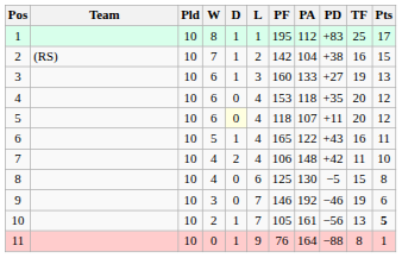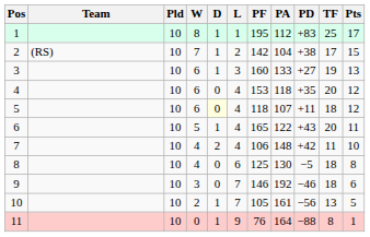 <table class="wikitable" style="text-align:center">
 <tr>
 <th width=20 abbr="Position">Pos</th>
 <th width=175>Team</th>
 <th width=20 abbr="Played">Pld</th>
 <th width=20 abbr="Won">W</th>
 <th width=20 abbr="Drawn">D</th>
 <th width=20 abbr="Lost">L</th>
 <th width=20 abbr="Points for">PF</th>
 <th width=20 abbr="Points against">PA</th>
 <th width=25 abbr="Points difference">PD</th>
 <th width=25 abbr="Tries for">TF</th>
 <th width=20 abbr="Points">Pts</th>
 </tr>
 <tr style="background:#d8ffeb">
 <td>1</td>
 <td align=left></td>
 <td>10</td>
 <td>8</td>
 <td>1</td>
 <td>1</td>
 <td>195</td>
 <td>112</td>
 <td>+83</td>
 <td>25</td>
 <td>17</td>
 </tr>
 <tr>
 <td>2</td>
 <td align=left> (RS)</td>
 <td>10</td>
 <td>7</td>
 <td>1</td>
 <td>2</td>
 <td>142</td>
 <td>104</td>
 <td>+38</td>
-<td>16</td>
+<td>17</td>
 <td>15</td>
 </tr>
 <tr>
 <td>3</td>
 <td align=left></td>
 <td>10</td>
 <td>6</td>
 <td>1</td>
 <td>3</td>
 <td>160</td>
 <td>133</td>
 <td>+27</td>
 <td>19</td>
 <td>13</td>
 </tr>
 <tr>
 <td>4</td>
 <td align=left></td>
 <td>10</td>
 <td>6</td>
 <td>0</td>
 <td>4</td>
 <td>153</td>
 <td>118</td>
 <td>+35</td>
 <td>20</td>
 <td>12</td>
 </tr>
 <tr>
 <td>5</td>
 <td align=left></td>
 <td>10</td>
 <td>6</td>
 <td style="background: lightyellow;">0</td>
 <td>4</td>
 <td>118</td>
 <td>107</td>
 <td>+11</td>
-<td>20</td>
+<td>18</td>
 <td>12</td>
 </tr>
 <tr>
 <td>6</td>
 <td align=left></td>
 <td>10</td>
 <td>5</td>
 <td>1</td>
 <td>4</td>
 <td>165</td>
 <td>122</td>
 <td>+43</td>
-<td>16</td>
+<td>20</td>
 <td>11</td>
 </tr>
 <tr>
 <td>7</td>
 <td align=left></td>
 <td>10</td>
 <td>4</td>
 <td>2</td>
 <td>4</td>
 <td>106</td>
 <td>148</td>
 <td>+42</td>
 <td>11</td>
 <td>10</td>
 </tr>
 <tr>
 <td>8</td>
 <td align=left></td>
 <td>10</td>
 <td>4</td>
 <td>0</td>
 <td>6</td>
 <td>125</td>
 <td>130</td>
 <td>−5</td>
-<td>15</td>
+<td>18</td>
 <td>8</td>
 </tr>
 <tr>
 <td>9</td>
 <td align=left></td>
 <td>10</td>
 <td>3</td>
 <td>0</td>
 <td>7</td>
 <td>146</td>
 <td>192</td>
 <td>−46</td>
-<td>19</td>
+<td>18</td>
 <td>6</td>
 </tr>
 <tr>
 <td>10</td>
 <td align=left></td>
 <td>10</td>
 <td>2</td>
 <td>1</td>
 <td>7</td>
 <td>105</td>
 <td>161</td>
 <td>−56</td>
 <td>13</td>
-<td><strong>5</strong></td>
+<td>5</td>
 </tr>
 <tr style="background:#ffcccc">
 <td>11</td>
 <td align=left></td>
 <td>10</td>
 <td>0</td>
 <td>1</td>
 <td>9</td>
 <td>76</td>
 <td>164</td>
 <td>−88</td>
 <td>8</td>
 <td>1</td>
 </tr>
 </table>
